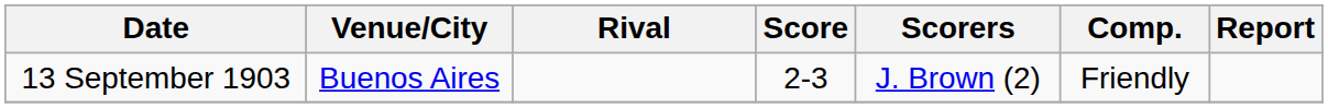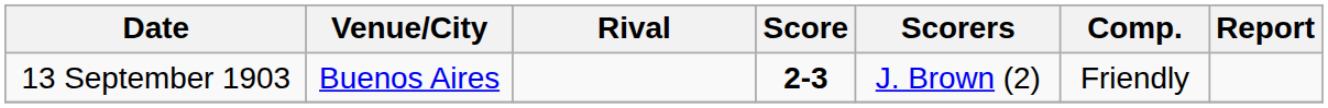 <table class="wikitable" style="text-align:center">
 <tr>
 <th width=150px>Date</th>
 <th width=100px>Venue/City</th>
 <th width=120px>Rival</th>
 <th width=40px>Score</th>
 <th width=100px>Scorers</th>
 <th width=70px>Comp.</th>
 <th width=40px>Report</th>
 </tr>
 <tr>
 <td>13 September 1903</td>
 <td><a href='#'>Buenos Aires</a></td>
 <td></td>
-<td>2-3</td>
+<td><strong>2-3</strong></td>
 <td><a href='#'>J. Brown</a> (2)</td>
 <td>Friendly</td>
 <td></td>
 </tr>
 <tr>
 </tr>
 </table>
